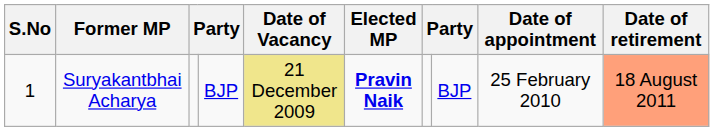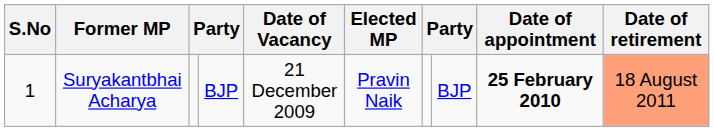 <table class="wikitable sortable">
 <tr>
 <th>S.No</th>
 <th>Former MP</th>
 <th colspan=2>Party</th>
 <th>Date of Vacancy</th>
 <th>Elected MP</th>
 <th colspan=2>Party</th>
 <th>Date of appointment</th>
 <th>Date of retirement</th>
 </tr>
 <tr style="text-align:center;">
 <td>1</td>
 <td><a href='#'>Suryakantbhai  Acharya</a></td>
 <td></td>
 <td><a href='#'>BJP</a></td>
-<td style="background: khaki;">21 December 2009</td>
-<td><strong><a href='#'>Pravin Naik</a></strong></td>
+<td>21 December 2009</td>
+<td><a href='#'>Pravin Naik</a></td>
 <td></td>
 <td><a href='#'>BJP</a></td>
-<td>25 February 2010</td>
+<td><strong>25 February 2010</strong></td>
 <td style="background: lightsalmon;">18 August 2011</td>
 </tr>
 </table>
